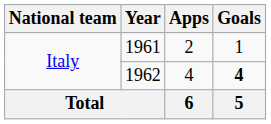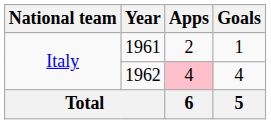 <table class="wikitable" style="text-align:center">
 <tr>
 <th>National team</th>
 <th>Year</th>
 <th>Apps</th>
 <th>Goals</th>
 </tr>
 <tr>
 <td rowspan="2"><a href='#'>Italy</a></td>
 <td>1961</td>
 <td>2</td>
 <td>1</td>
 </tr>
 <tr>
 <td>1962</td>
+<td style="background: pink;">4</td>
 <td>4</td>
-<td><strong>4</strong></td>
 </tr>
 <tr>
 <th colspan="2">Total</th>
 <th>6</th>
 <th>5</th>
 </tr>
 </table>
